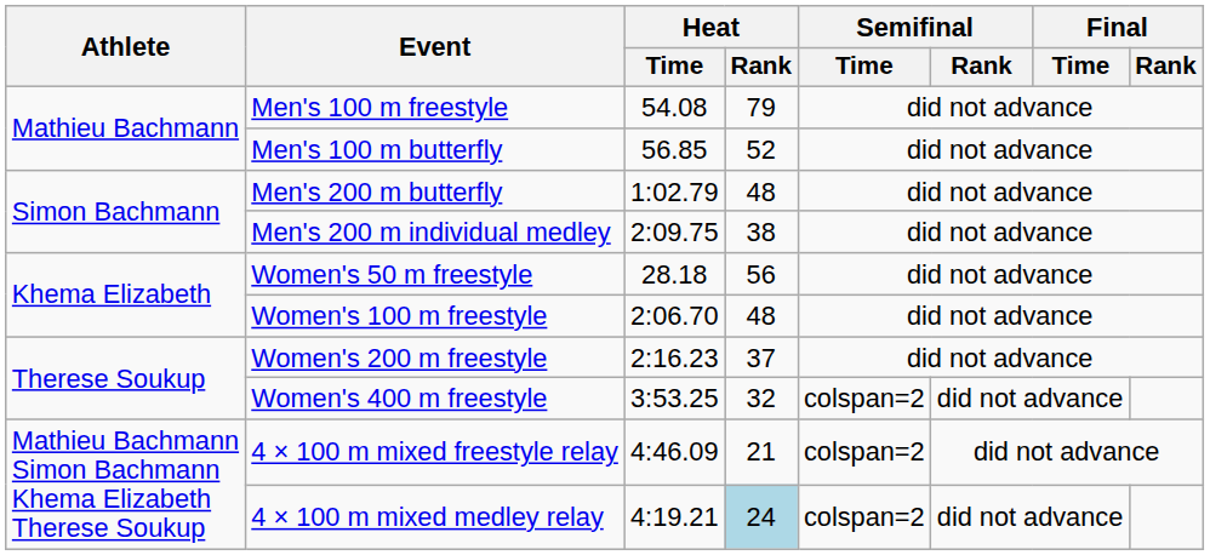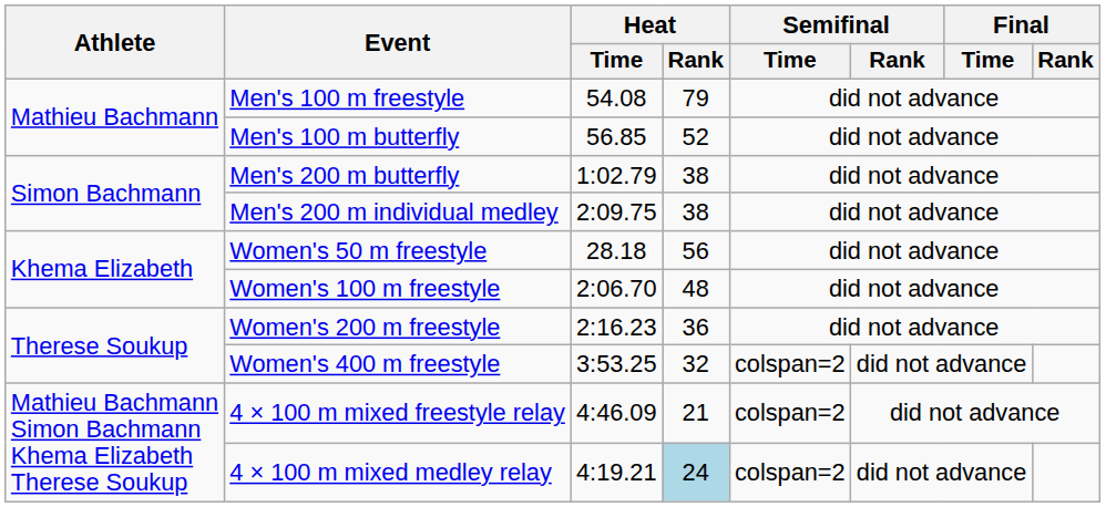 <table class=wikitable style="font-size:90%">
 <tr>
 <th rowspan="2">Athlete</th>
 <th rowspan="2">Event</th>
 <th colspan="2">Heat</th>
 <th colspan="2">Semifinal</th>
 <th colspan="2">Final</th>
 </tr>
 <tr style="font-size:95%">
 <th>Time</th>
 <th>Rank</th>
 <th>Time</th>
 <th>Rank</th>
 <th>Time</th>
 <th>Rank</th>
 </tr>
 <tr align=center>
 <td align=left rowspan=2><a href='#'>Mathieu Bachmann</a></td>
 <td align=left><a href='#'>Men's 100 m freestyle</a></td>
 <td>54.08</td>
 <td>79</td>
 <td colspan=4>did not advance</td>
 </tr>
 <tr align=center>
 <td align=left><a href='#'>Men's 100 m butterfly</a></td>
 <td>56.85</td>
 <td>52</td>
 <td colspan=4>did not advance</td>
 </tr>
 <tr align=center>
 <td align=left rowspan=2><a href='#'>Simon Bachmann</a></td>
 <td align=left><a href='#'>Men's 200 m butterfly</a></td>
 <td>1:02.79</td>
-<td>48</td>
+<td>38</td>
 <td colspan=4>did not advance</td>
 </tr>
 <tr align=center>
 <td align=left><a href='#'>Men's 200 m individual medley</a></td>
 <td>2:09.75</td>
 <td>38</td>
 <td colspan=4>did not advance</td>
 </tr>
 <tr align=center>
 <td align=left rowspan=2><a href='#'>Khema Elizabeth</a></td>
 <td align=left><a href='#'>Women's 50 m freestyle</a></td>
 <td>28.18</td>
 <td>56</td>
 <td colspan=4>did not advance</td>
 </tr>
 <tr align=center>
 <td align=left><a href='#'>Women's 100 m freestyle</a></td>
 <td>2:06.70</td>
 <td>48</td>
 <td colspan=4>did not advance</td>
 </tr>
 <tr align=center>
 <td align=left rowspan=2><a href='#'>Therese Soukup</a></td>
 <td align=left><a href='#'>Women's 200 m freestyle</a></td>
 <td>2:16.23</td>
-<td>37</td>
+<td>36</td>
 <td colspan=4>did not advance</td>
 </tr>
 <tr align=center>
 <td align=left><a href='#'>Women's 400 m freestyle</a></td>
 <td>3:53.25</td>
 <td>32</td>
 <td>colspan=2</td>
 <td colspan=2>did not advance</td>
 </tr>
 <tr align=center>
 <td align=left rowspan=2><a href='#'>Mathieu Bachmann</a><br><a href='#'>Simon Bachmann</a><br><a href='#'>Khema Elizabeth</a><br><a href='#'>Therese Soukup</a></td>
 <td align=left><a href='#'>4 × 100 m mixed freestyle relay</a></td>
 <td>4:46.09</td>
 <td>21</td>
 <td>colspan=2</td>
 <td colspan=4>did not advance</td>
 </tr>
 <tr align=center>
 <td align=left><a href='#'>4 × 100 m mixed medley relay</a></td>
 <td>4:19.21</td>
 <td style="background: lightblue;">24</td>
 <td>colspan=2</td>
 <td colspan=2>did not advance</td>
 </tr>
 </table>
